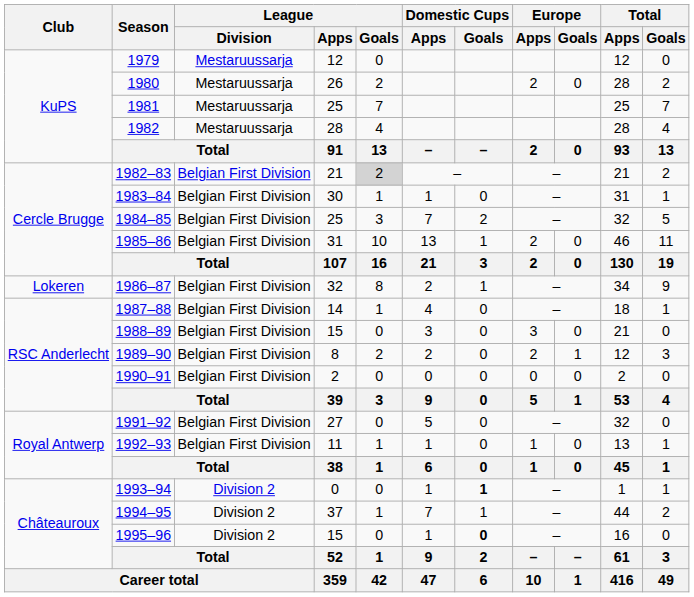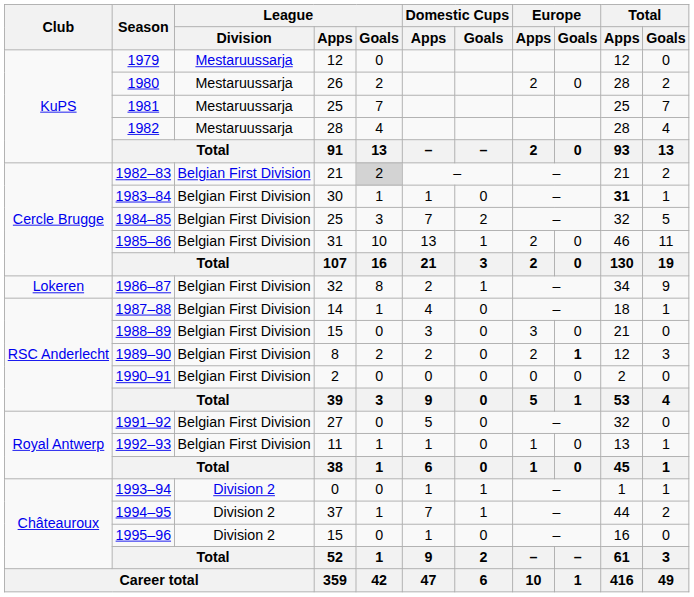 <table class="wikitable" style="text-align:center">
 <tr>
 <th rowspan="2">Club</th>
 <th rowspan="2">Season</th>
 <th colspan="3">League</th>
 <th colspan="2">Domestic Cups</th>
 <th colspan="2">Europe</th>
 <th colspan="2">Total</th>
 </tr>
 <tr>
 <th>Division</th>
 <th>Apps</th>
 <th>Goals</th>
 <th>Apps</th>
 <th>Goals</th>
 <th>Apps</th>
 <th>Goals</th>
 <th>Apps</th>
 <th>Goals</th>
 </tr>
 <tr>
 <td rowspan="5"><a href='#'>KuPS</a></td>
 <td><a href='#'>1979</a></td>
 <td><a href='#'>Mestaruussarja</a></td>
 <td>12</td>
 <td>0</td>
 <td></td>
 <td></td>
 <td></td>
 <td></td>
 <td>12</td>
 <td>0</td>
 </tr>
 <tr>
 <td><a href='#'>1980</a></td>
 <td>Mestaruussarja</td>
 <td>26</td>
 <td>2</td>
 <td></td>
 <td></td>
 <td>2</td>
 <td>0</td>
 <td>28</td>
 <td>2</td>
 </tr>
 <tr>
 <td><a href='#'>1981</a></td>
 <td>Mestaruussarja</td>
 <td>25</td>
 <td>7</td>
 <td></td>
 <td></td>
 <td></td>
 <td></td>
 <td>25</td>
 <td>7</td>
 </tr>
 <tr>
 <td><a href='#'>1982</a></td>
 <td>Mestaruussarja</td>
 <td>28</td>
 <td>4</td>
 <td></td>
 <td></td>
 <td></td>
 <td></td>
 <td>28</td>
 <td>4</td>
 </tr>
 <tr>
 <th colspan="2">Total</th>
 <th>91</th>
 <th>13</th>
 <th>–</th>
 <th>–</th>
 <th>2</th>
 <th>0</th>
 <th>93</th>
 <th>13</th>
 </tr>
 <tr>
 <td rowspan="5"><a href='#'>Cercle Brugge</a></td>
 <td><a href='#'>1982–83</a></td>
 <td><a href='#'>Belgian First Division</a></td>
 <td>21</td>
 <td style="background: lightgrey;">2</td>
 <td colspan="2">–</td>
 <td colspan="2">–</td>
 <td>21</td>
 <td>2</td>
 </tr>
 <tr>
 <td><a href='#'>1983–84</a></td>
 <td>Belgian First Division</td>
 <td>30</td>
 <td>1</td>
 <td>1</td>
 <td>0</td>
 <td colspan="2">–</td>
-<td>31</td>
+<td><strong>31</strong></td>
 <td>1</td>
 </tr>
 <tr>
 <td><a href='#'>1984–85</a></td>
 <td>Belgian First Division</td>
 <td>25</td>
 <td>3</td>
 <td>7</td>
 <td>2</td>
 <td colspan="2">–</td>
 <td>32</td>
 <td>5</td>
 </tr>
 <tr>
 <td><a href='#'>1985–86</a></td>
 <td>Belgian First Division</td>
 <td>31</td>
 <td>10</td>
 <td>13</td>
 <td>1</td>
 <td>2</td>
 <td>0</td>
 <td>46</td>
 <td>11</td>
 </tr>
 <tr>
 <th colspan="2">Total</th>
 <th>107</th>
 <th>16</th>
 <th>21</th>
 <th>3</th>
 <th>2</th>
 <th>0</th>
 <th>130</th>
 <th>19</th>
 </tr>
 <tr>
 <td><a href='#'>Lokeren</a></td>
 <td><a href='#'>1986–87</a></td>
 <td>Belgian First Division</td>
 <td>32</td>
 <td>8</td>
 <td>2</td>
 <td>1</td>
 <td colspan="2">–</td>
 <td>34</td>
 <td>9</td>
 </tr>
 <tr>
 <td rowspan="5"><a href='#'>RSC Anderlecht</a></td>
 <td><a href='#'>1987–88</a></td>
 <td>Belgian First Division</td>
 <td>14</td>
 <td>1</td>
 <td>4</td>
 <td>0</td>
 <td colspan="2">–</td>
 <td>18</td>
 <td>1</td>
 </tr>
 <tr>
 <td><a href='#'>1988–89</a></td>
 <td>Belgian First Division</td>
 <td>15</td>
 <td>0</td>
 <td>3</td>
 <td>0</td>
 <td>3</td>
 <td>0</td>
 <td>21</td>
 <td>0</td>
 </tr>
 <tr>
 <td><a href='#'>1989–90</a></td>
 <td>Belgian First Division</td>
 <td>8</td>
 <td>2</td>
 <td>2</td>
 <td>0</td>
 <td>2</td>
-<td>1</td>
+<td><strong>1</strong></td>
 <td>12</td>
 <td>3</td>
 </tr>
 <tr>
 <td><a href='#'>1990–91</a></td>
 <td>Belgian First Division</td>
 <td>2</td>
 <td>0</td>
 <td>0</td>
 <td>0</td>
 <td>0</td>
 <td>0</td>
 <td>2</td>
 <td>0</td>
 </tr>
 <tr>
 <th colspan="2">Total</th>
 <th>39</th>
 <th>3</th>
 <th>9</th>
 <th>0</th>
 <th>5</th>
 <th>1</th>
 <th>53</th>
 <th>4</th>
 </tr>
 <tr>
 <td rowspan="3"><a href='#'>Royal Antwerp</a></td>
 <td><a href='#'>1991–92</a></td>
 <td>Belgian First Division</td>
 <td>27</td>
 <td>0</td>
 <td>5</td>
 <td>0</td>
 <td colspan="2">–</td>
 <td>32</td>
 <td>0</td>
 </tr>
 <tr>
 <td><a href='#'>1992–93</a></td>
 <td>Belgian First Division</td>
 <td>11</td>
 <td>1</td>
 <td>1</td>
 <td>0</td>
 <td>1</td>
 <td>0</td>
 <td>13</td>
 <td>1</td>
 </tr>
 <tr>
 <th colspan="2">Total</th>
 <th>38</th>
 <th>1</th>
 <th>6</th>
 <th>0</th>
 <th>1</th>
 <th>0</th>
 <th>45</th>
 <th>1</th>
 </tr>
 <tr>
 <td rowspan="4"><a href='#'>Châteauroux</a></td>
 <td><a href='#'>1993–94</a></td>
 <td><a href='#'>Division 2</a></td>
 <td>0</td>
 <td>0</td>
 <td>1</td>
-<td><strong>1</strong></td>
+<td>1</td>
 <td colspan="2">–</td>
 <td>1</td>
 <td>1</td>
 </tr>
 <tr>
 <td><a href='#'>1994–95</a></td>
 <td>Division 2</td>
 <td>37</td>
 <td>1</td>
 <td>7</td>
 <td>1</td>
 <td colspan="2">–</td>
 <td>44</td>
 <td>2</td>
 </tr>
 <tr>
 <td><a href='#'>1995–96</a></td>
 <td>Division 2</td>
 <td>15</td>
 <td>0</td>
 <td>1</td>
-<td><strong>0</strong></td>
+<td>0</td>
 <td colspan="2">–</td>
 <td>16</td>
 <td>0</td>
 </tr>
 <tr>
 <th colspan="2">Total</th>
 <th>52</th>
 <th>1</th>
 <th>9</th>
 <th>2</th>
 <th>–</th>
 <th>–</th>
 <th>61</th>
 <th>3</th>
 </tr>
 <tr>
 <th colspan="3">Career total</th>
 <th>359</th>
 <th>42</th>
 <th>47</th>
 <th>6</th>
 <th>10</th>
 <th>1</th>
 <th>416</th>
 <th>49</th>
 </tr>
 </table>
